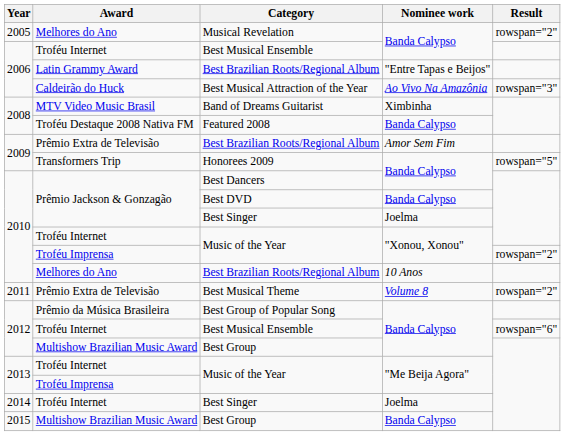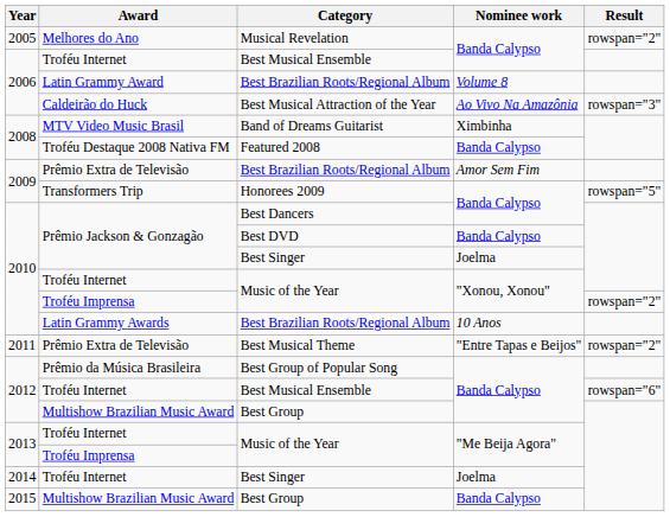 <table class="wikitable">
 <tr>
 <th>Year</th>
 <th>Award</th>
 <th>Category</th>
 <th>Nominee work</th>
 <th>Result</th>
 </tr>
 <tr>
 <td>2005</td>
 <td><a href='#'>Melhores do Ano</a></td>
 <td>Musical Revelation</td>
 <td rowspan="2"><a href='#'>Banda Calypso</a></td>
 <td>rowspan="2" </td>
 </tr>
 <tr>
 <td rowspan="3">2006</td>
 <td>Troféu Internet</td>
 <td>Best Musical Ensemble</td>
 </tr>
 <tr>
 <td><a href='#'>Latin Grammy Award</a></td>
 <td><a href='#'>Best Brazilian Roots/Regional Album</a></td>
-<td>"Entre Tapas e Beijos"</td>
+<td><em><a href='#'>Volume 8</a></em></td>
 <td></td>
 </tr>
 <tr>
 <td><a href='#'>Caldeirão do Huck</a></td>
 <td>Best Musical Attraction of the Year</td>
 <td><em><a href='#'>Ao Vivo Na Amazônia</a></em></td>
 <td>rowspan="3" </td>
 </tr>
 <tr>
 <td rowspan="2">2008</td>
 <td><a href='#'>MTV Video Music Brasil</a></td>
 <td>Band of Dreams Guitarist</td>
 <td>Ximbinha</td>
 </tr>
 <tr>
 <td>Troféu Destaque 2008 Nativa FM</td>
 <td>Featured 2008</td>
 <td><a href='#'>Banda Calypso</a></td>
 </tr>
 <tr>
 <td rowspan="2">2009</td>
 <td>Prêmio Extra de Televisão</td>
 <td><a href='#'>Best Brazilian Roots/Regional Album</a></td>
 <td><em>Amor Sem Fim</em></td>
 <td></td>
 </tr>
 <tr>
 <td>Transformers Trip</td>
 <td>Honorees 2009</td>
 <td rowspan="2"><a href='#'>Banda Calypso</a></td>
 <td>rowspan="5" </td>
 </tr>
 <tr>
 <td rowspan="6">2010</td>
 <td rowspan="3">Prêmio Jackson & Gonzagão</td>
 <td>Best Dancers</td>
 </tr>
 <tr>
 <td>Best DVD</td>
 <td><a href='#'>Banda Calypso</a></td>
 </tr>
 <tr>
 <td>Best Singer</td>
 <td>Joelma</td>
 </tr>
 <tr>
 <td>Troféu Internet</td>
 <td rowspan="2">Music of the Year</td>
 <td rowspan="2">"Xonou, Xonou"</td>
 </tr>
 <tr>
 <td><a href='#'>Troféu Imprensa</a></td>
 <td>rowspan="2" </td>
 </tr>
 <tr>
-<td><a href='#'>Melhores do Ano</a></td>
+<td><a href='#'>Latin Grammy Awards</a></td>
 <td><a href='#'>Best Brazilian Roots/Regional Album</a></td>
 <td><em>10 Anos</em></td>
 </tr>
 <tr>
 <td>2011</td>
 <td>Prêmio Extra de Televisão</td>
 <td>Best Musical Theme</td>
-<td><em><a href='#'>Volume 8</a></em></td>
+<td>"Entre Tapas e Beijos"</td>
 <td>rowspan="2" </td>
 </tr>
 <tr>
 <td rowspan="3">2012</td>
 <td>Prêmio da Música Brasileira</td>
 <td>Best Group of Popular Song</td>
 <td rowspan="3"><a href='#'>Banda Calypso</a></td>
 </tr>
 <tr>
 <td>Troféu Internet</td>
 <td>Best Musical Ensemble</td>
 <td>rowspan="6" </td>
 </tr>
 <tr>
 <td><a href='#'>Multishow Brazilian Music Award</a></td>
 <td>Best Group</td>
 </tr>
 <tr>
 <td rowspan="2">2013</td>
 <td>Troféu Internet</td>
 <td rowspan="2">Music of the Year</td>
 <td rowspan="2">"Me Beija Agora"</td>
 </tr>
 <tr>
 <td><a href='#'>Troféu Imprensa</a></td>
 </tr>
 <tr>
 <td>2014</td>
 <td>Troféu Internet</td>
 <td>Best Singer</td>
 <td>Joelma</td>
 </tr>
 <tr>
 <td>2015</td>
 <td><a href='#'>Multishow Brazilian Music Award</a></td>
 <td>Best Group</td>
 <td><a href='#'>Banda Calypso</a></td>
 </tr>
 </table>
